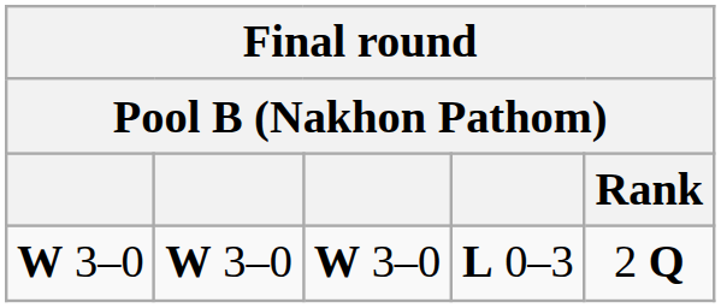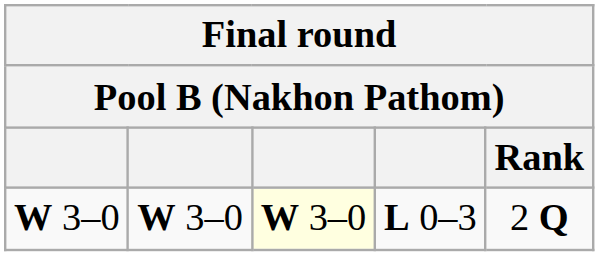 <table class="wikitable" style="font-size:100%;">
 <tr>
 <th colspan=5>Final round</th>
 </tr>
 <tr>
 <th colspan=5>Pool B (Nakhon Pathom)</th>
 </tr>
 <tr>
 <th></th>
 <th></th>
 <th></th>
 <th></th>
 <th>Rank</th>
 </tr>
 <tr align=center>
 <td><strong>W</strong> 3–0</td>
 <td><strong>W</strong> 3–0</td>
-<td><strong>W</strong> 3–0</td>
+<td style="background: lightyellow;"><strong>W</strong> 3–0</td>
 <td><strong>L</strong> 0–3</td>
 <td>2 <strong>Q</strong></td>
 </tr>
 </table>
